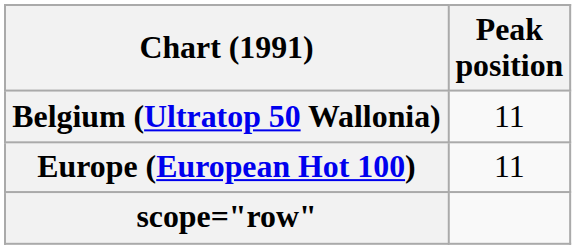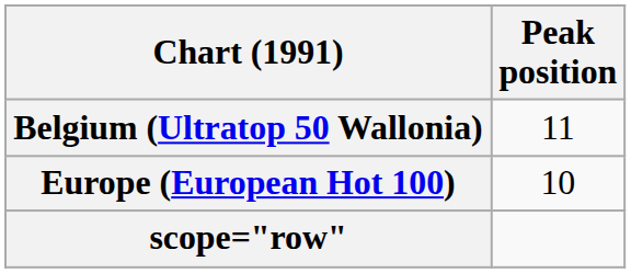 <table class="wikitable sortable plainrowheaders">
 <tr>
 <th>Chart (1991)</th>
 <th>Peak<br>position</th>
 </tr>
 <tr>
 <th scope="row">Belgium (<a href='#'>Ultratop 50</a> Wallonia)</th>
 <td align="center">11</td>
 </tr>
 <tr>
 <th scope="row">Europe (<a href='#'>European Hot 100</a>)</th>
-<td align="center">11</td>
+<td align="center">10</td>
 </tr>
 <tr>
 <th>scope="row"</th>
 </tr>
 </table>
